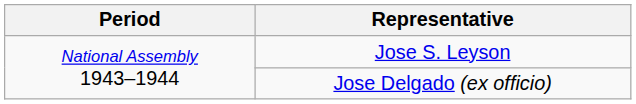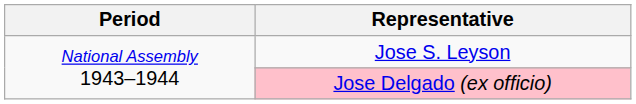 <table class="wikitable" style="text-align:center; width:40%;">
 <tr>
 <th width="40%">Period</th>
 <th>Representative</th>
 </tr>
 <tr>
 <td rowspan="2"><small><a href='#'><em>National Assembly</em></a></small><br>1943–1944</td>
 <td><a href='#'>Jose S. Leyson</a></td>
 </tr>
 <tr>
-<td><a href='#'>Jose Delgado</a> <em>(ex officio)</em></td>
+<td style="background: pink;"><a href='#'>Jose Delgado</a> <em>(ex officio)</em></td>
 </tr>
 </table>
